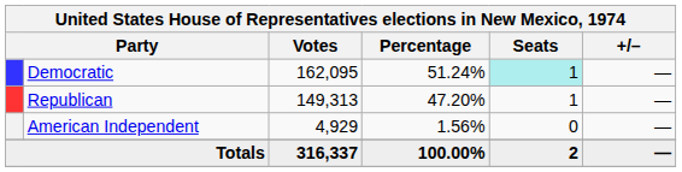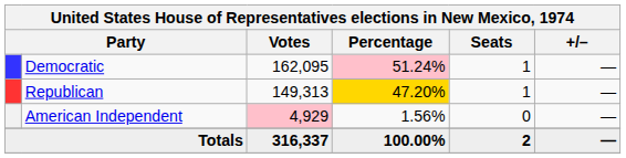 <table class="wikitable" style="font-size: 95%;">
 <tr>
 <th colspan="6">United States House of Representatives elections in New Mexico, 1974</th>
 </tr>
 <tr>
 <th colspan=2 style="width: 15em">Party</th>
 <th style="width: 5em">Votes</th>
 <th style="width: 7em">Percentage</th>
 <th style="width: 5em">Seats</th>
 <th style="width: 5em">+/–</th>
 </tr>
 <tr>
 <th style="background-color:#3333FF; width: 3px"></th>
 <td style="width: 130px"><a href='#'>Democratic</a></td>
 <td align="right">162,095</td>
-<td align="right">51.24%</td>
-<td align="right" style="background: paleturquoise;">1</td>
+<td align="right" style="background: pink;">51.24%</td>
+<td align="right">1</td>
 <td align="right">—</td>
 </tr>
 <tr>
 <th style="background-color:#FF3333; width: 3px"></th>
 <td style="width: 130px"><a href='#'>Republican</a></td>
 <td align="right">149,313</td>
-<td align="right">47.20%</td>
+<td align="right" style="background: gold;">47.20%</td>
 <td align="right">1</td>
 <td align="right">—</td>
 </tr>
 <tr>
 <th style="background-color:"></th>
 <td style="width: 130px"><a href='#'>American Independent</a></td>
-<td align="right">4,929</td>
+<td align="right" style="background: pink;">4,929</td>
 <td align="right">1.56%</td>
 <td align="right">0</td>
 <td align="right">—</td>
 </tr>
 <tr>
 </tr>
 <tr bgcolor="#EEEEEE">
 <td colspan="2" align="right"><strong>Totals</strong></td>
 <td align="right"><strong>316,337</strong></td>
 <td align="right"><strong>100.00%</strong></td>
 <td align="right"><strong>2</strong></td>
 <td align="right"><strong>—</strong></td>
 </tr>
 <tr bgcolor="#EEEEEE">
 </tr>
 </table>
